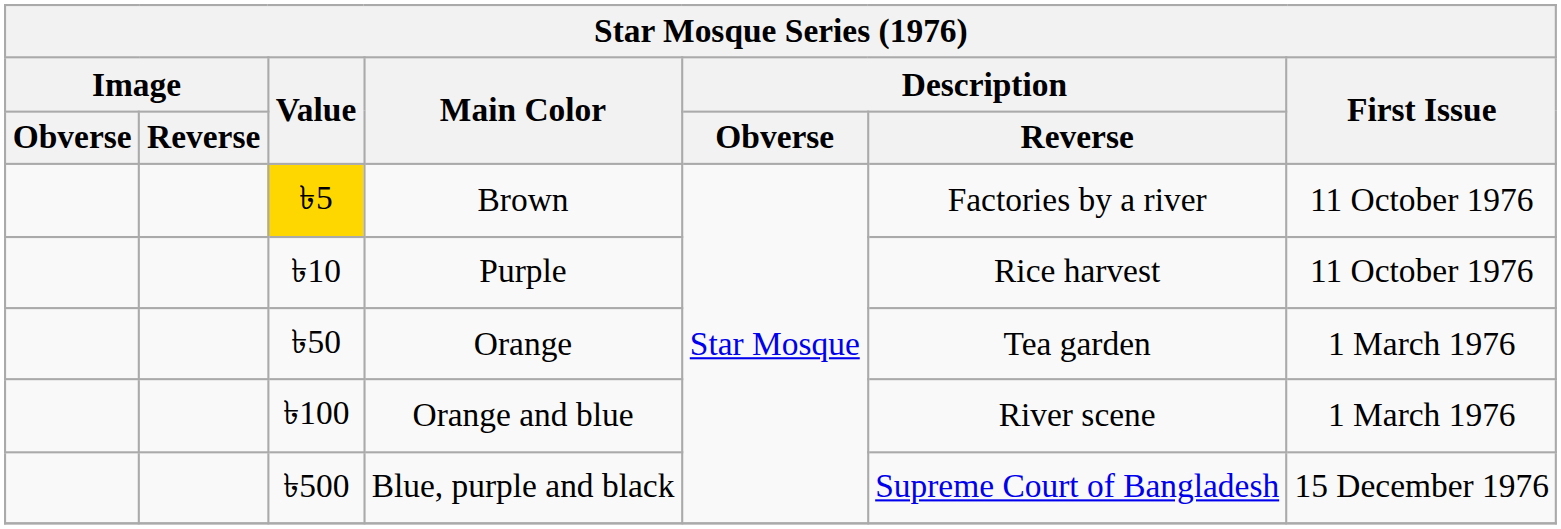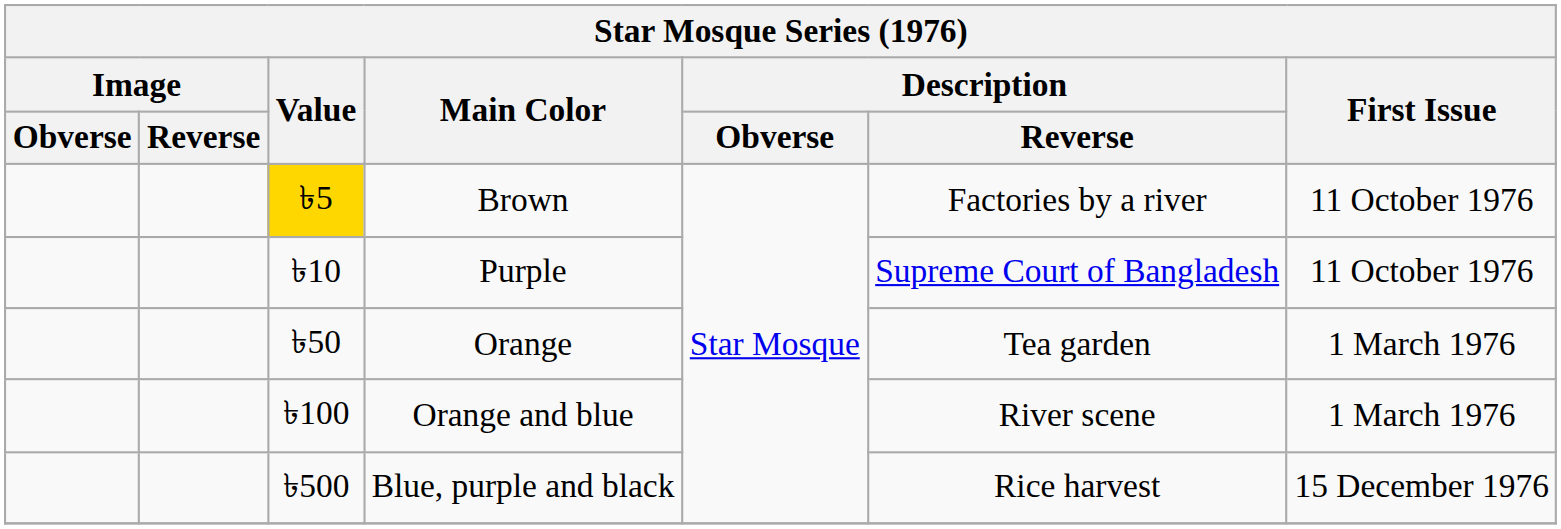 <table class="wikitable" style="text-align:center">
 <tr>
 <th colspan="8">Star Mosque Series (1976)</th>
 </tr>
 <tr>
 <th colspan="2">Image</th>
 <th rowspan="2">Value</th>
 <th rowspan="2">Main Color</th>
 <th colspan="2">Description</th>
 <th rowspan="2">First Issue</th>
 </tr>
 <tr>
 <th>Obverse</th>
 <th>Reverse</th>
 <th>Obverse</th>
 <th>Reverse</th>
 </tr>
 <tr>
 <td></td>
 <td></td>
 <td style="background: gold;">৳5</td>
 <td>Brown</td>
 <td rowspan="5"><a href='#'>Star Mosque</a></td>
 <td>Factories by a river</td>
 <td>11 October 1976</td>
 </tr>
 <tr>
 <td></td>
 <td></td>
 <td>৳10</td>
 <td>Purple</td>
-<td>Rice harvest</td>
+<td><a href='#'>Supreme Court of Bangladesh</a></td>
 <td>11 October 1976</td>
 </tr>
 <tr>
 <td></td>
 <td></td>
 <td>৳50</td>
 <td>Orange</td>
 <td>Tea garden</td>
 <td>1 March 1976</td>
 </tr>
 <tr>
 <td></td>
 <td></td>
 <td>৳100</td>
 <td>Orange and blue</td>
 <td>River scene</td>
 <td>1 March 1976</td>
 </tr>
 <tr>
 <td></td>
 <td></td>
 <td>৳500</td>
 <td>Blue, purple and black</td>
-<td><a href='#'>Supreme Court of Bangladesh</a></td>
+<td>Rice harvest</td>
 <td>15 December 1976</td>
 </tr>
 <tr>
 </tr>
 </table>
